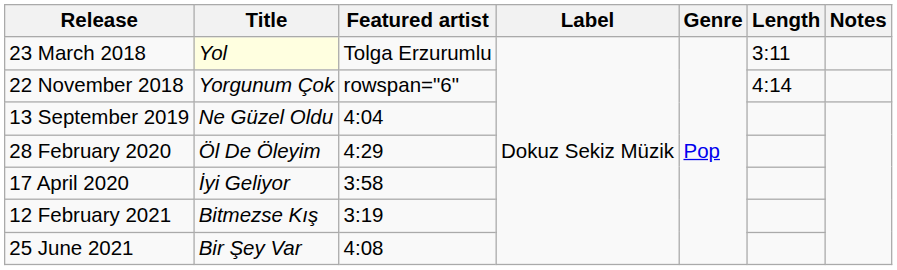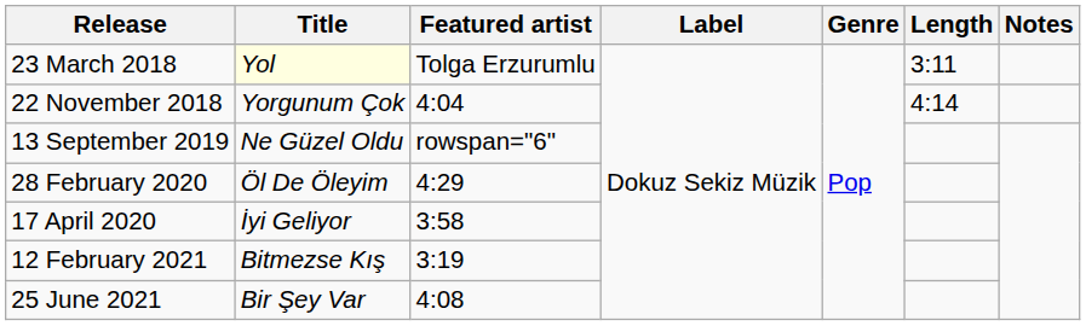 <table class="wikitable sortable">
 <tr>
 <th>Release</th>
 <th>Title</th>
 <th>Featured artist</th>
 <th>Label</th>
 <th>Genre</th>
 <th>Length</th>
 <th>Notes</th>
 </tr>
 <tr>
 <td>23 March 2018</td>
 <td style="background: lightyellow;"><em>Yol</em></td>
 <td>Tolga Erzurumlu</td>
 <td rowspan="7">Dokuz Sekiz Müzik</td>
 <td rowspan="7"><a href='#'>Pop</a></td>
 <td>3:11</td>
 <td></td>
 </tr>
 <tr>
 <td>22 November 2018</td>
 <td><em>Yorgunum Çok</em></td>
-<td>rowspan="6" </td>
+<td>4:04</td>
 <td>4:14</td>
 <td></td>
 </tr>
 <tr>
 <td>13 September 2019</td>
 <td><em>Ne Güzel Oldu</em></td>
-<td>4:04</td>
+<td>rowspan="6" </td>
 <td></td>
 </tr>
 <tr>
 <td>28 February 2020</td>
 <td><em>Öl De Öleyim</em></td>
 <td>4:29</td>
 <td></td>
 </tr>
 <tr>
 <td>17 April 2020</td>
 <td><em>İyi Geliyor</em></td>
 <td>3:58</td>
 <td></td>
 </tr>
 <tr>
 <td>12 February 2021</td>
 <td><em>Bitmezse Kış</em></td>
 <td>3:19</td>
 <td></td>
 </tr>
 <tr>
 <td>25 June 2021</td>
 <td><em>Bir Şey Var</em></td>
 <td>4:08</td>
 <td></td>
 </tr>
 </table>
